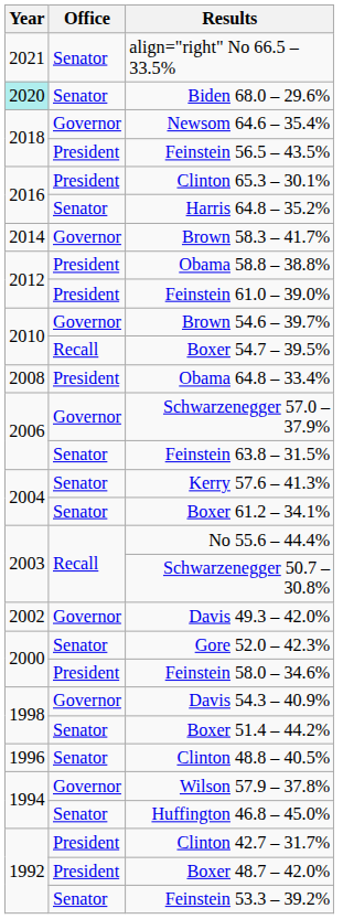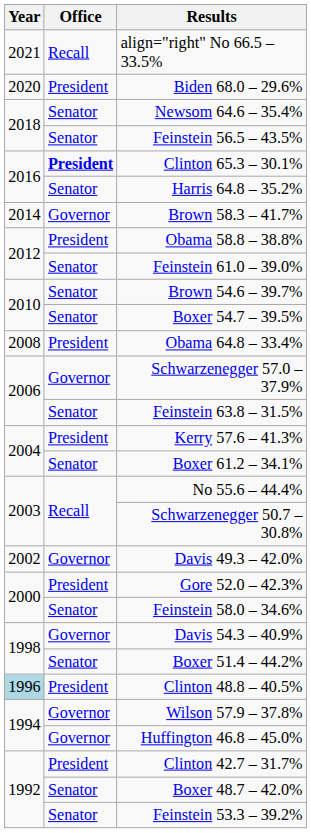 <table class=wikitable>
 <tr>
 <th width="30">Year</th>
 <th width="60">Office</th>
 <th width="180">Results</th>
 </tr>
 <tr>
 <td>2021</td>
-<td><a href='#'>Senator</a></td>
+<td><a href='#'>Recall</a></td>
 <td>align="right"  No 66.5 – 33.5%</td>
 </tr>
 <tr>
-<td rowspan="1" style="background: paleturquoise;">2020</td>
-<td><a href='#'>Senator</a></td>
+<td rowspan="1">2020</td>
+<td><a href='#'>President</a></td>
 <td align="right" ><a href='#'>Biden</a> 68.0 – 29.6%</td>
 </tr>
 <tr>
 <td rowspan="2">2018</td>
-<td><a href='#'>Governor</a></td>
+<td><a href='#'>Senator</a></td>
 <td align="right" ><a href='#'>Newsom</a> 64.6 – 35.4%</td>
 </tr>
 <tr>
-<td><a href='#'>President</a></td>
+<td><a href='#'>Senator</a></td>
 <td align="right" ><a href='#'>Feinstein</a> 56.5 – 43.5%</td>
 </tr>
 <tr>
 <td rowspan="2">2016</td>
-<td><a href='#'>President</a></td>
+<td><strong><a href='#'>President</a></strong></td>
 <td align="right" ><a href='#'>Clinton</a> 65.3 – 30.1%</td>
 </tr>
 <tr>
 <td><a href='#'>Senator</a></td>
 <td align="right" ><a href='#'>Harris</a> 64.8 – 35.2%</td>
 </tr>
 <tr>
 <td>2014</td>
 <td><a href='#'>Governor</a></td>
 <td align="right" ><a href='#'>Brown</a> 58.3 – 41.7%</td>
 </tr>
 <tr>
 <td rowspan="2">2012</td>
 <td><a href='#'>President</a></td>
 <td align="right" ><a href='#'>Obama</a> 58.8 – 38.8%</td>
 </tr>
 <tr>
-<td><a href='#'>President</a></td>
+<td><a href='#'>Senator</a></td>
 <td align="right" ><a href='#'>Feinstein</a> 61.0 – 39.0%</td>
 </tr>
 <tr>
 <td rowspan="2">2010</td>
-<td><a href='#'>Governor</a></td>
+<td><a href='#'>Senator</a></td>
 <td align="right" ><a href='#'>Brown</a> 54.6 – 39.7%</td>
 </tr>
 <tr>
-<td><a href='#'>Recall</a></td>
+<td><a href='#'>Senator</a></td>
 <td align="right" ><a href='#'>Boxer</a> 54.7 – 39.5%</td>
 </tr>
 <tr>
 <td>2008</td>
 <td><a href='#'>President</a></td>
 <td align="right" ><a href='#'>Obama</a> 64.8 – 33.4%</td>
 </tr>
 <tr>
 <td rowspan="2">2006</td>
 <td><a href='#'>Governor</a></td>
 <td align="right" ><a href='#'>Schwarzenegger</a> 57.0 – 37.9%</td>
 </tr>
 <tr>
 <td><a href='#'>Senator</a></td>
 <td align="right" ><a href='#'>Feinstein</a> 63.8 – 31.5%</td>
 </tr>
 <tr>
 <td rowspan="2">2004</td>
-<td><a href='#'>Senator</a></td>
+<td><a href='#'>President</a></td>
 <td align="right" ><a href='#'>Kerry</a> 57.6 – 41.3%</td>
 </tr>
 <tr>
 <td><a href='#'>Senator</a></td>
 <td align="right" ><a href='#'>Boxer</a> 61.2 – 34.1%</td>
 </tr>
 <tr>
 <td rowspan="2">2003</td>
 <td rowspan="2"><a href='#'>Recall</a></td>
 <td align="right">No 55.6 – 44.4%</td>
 </tr>
 <tr>
 <td align="right" ><a href='#'>Schwarzenegger</a> 50.7 – 30.8%</td>
 </tr>
 <tr>
 <td>2002</td>
 <td><a href='#'>Governor</a></td>
 <td align="right" ><a href='#'>Davis</a> 49.3 – 42.0%</td>
 </tr>
 <tr>
 <td rowspan="2">2000</td>
-<td><a href='#'>Senator</a></td>
+<td><a href='#'>President</a></td>
 <td align="right" ><a href='#'>Gore</a> 52.0 – 42.3%</td>
 </tr>
 <tr>
-<td><a href='#'>President</a></td>
+<td><a href='#'>Senator</a></td>
 <td align="right" ><a href='#'>Feinstein</a> 58.0 – 34.6%</td>
 </tr>
 <tr>
 <td rowspan="2">1998</td>
 <td><a href='#'>Governor</a></td>
 <td align="right" ><a href='#'>Davis</a> 54.3 – 40.9%</td>
 </tr>
 <tr>
 <td><a href='#'>Senator</a></td>
 <td align="right" ><a href='#'>Boxer</a> 51.4 – 44.2%</td>
 </tr>
 <tr>
-<td>1996</td>
-<td><a href='#'>Senator</a></td>
+<td style="background: lightblue;">1996</td>
+<td><a href='#'>President</a></td>
 <td align="right" ><a href='#'>Clinton</a> 48.8 – 40.5%</td>
 </tr>
 <tr>
 <td rowspan="2">1994</td>
 <td><a href='#'>Governor</a></td>
 <td align="right" ><a href='#'>Wilson</a> 57.9 – 37.8%</td>
 </tr>
 <tr>
-<td><a href='#'>Senator</a></td>
+<td><a href='#'>Governor</a></td>
 <td align="right" ><a href='#'>Huffington</a> 46.8 – 45.0%</td>
 </tr>
 <tr>
 <td rowspan="3">1992</td>
 <td><a href='#'>President</a></td>
 <td align="right" ><a href='#'>Clinton</a> 42.7 – 31.7%</td>
 </tr>
 <tr>
-<td><a href='#'>President</a></td>
+<td><a href='#'>Senator</a></td>
 <td align="right" ><a href='#'>Boxer</a> 48.7 – 42.0%</td>
 </tr>
 <tr>
 <td><a href='#'>Senator</a></td>
 <td align="right" ><a href='#'>Feinstein</a> 53.3 – 39.2%</td>
 </tr>
 </table>
